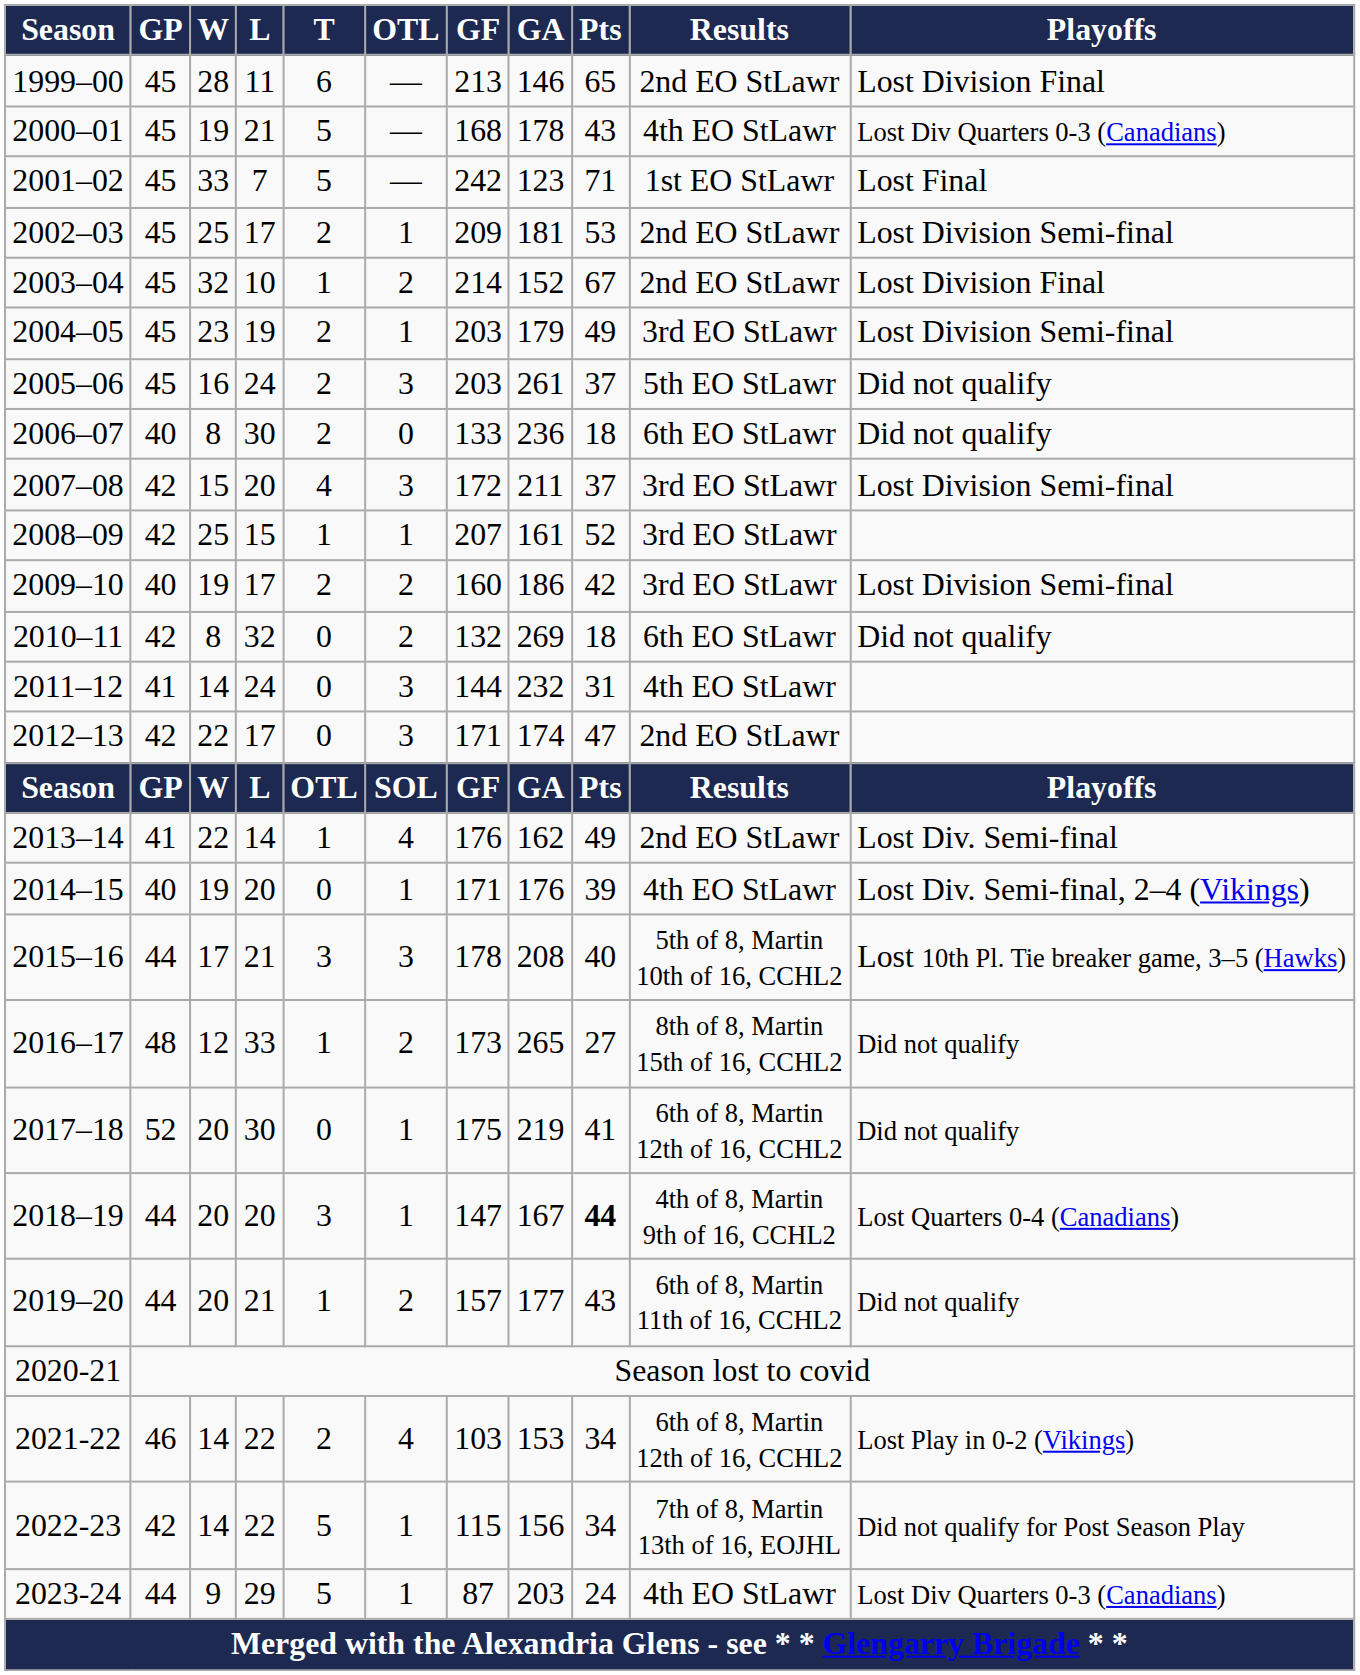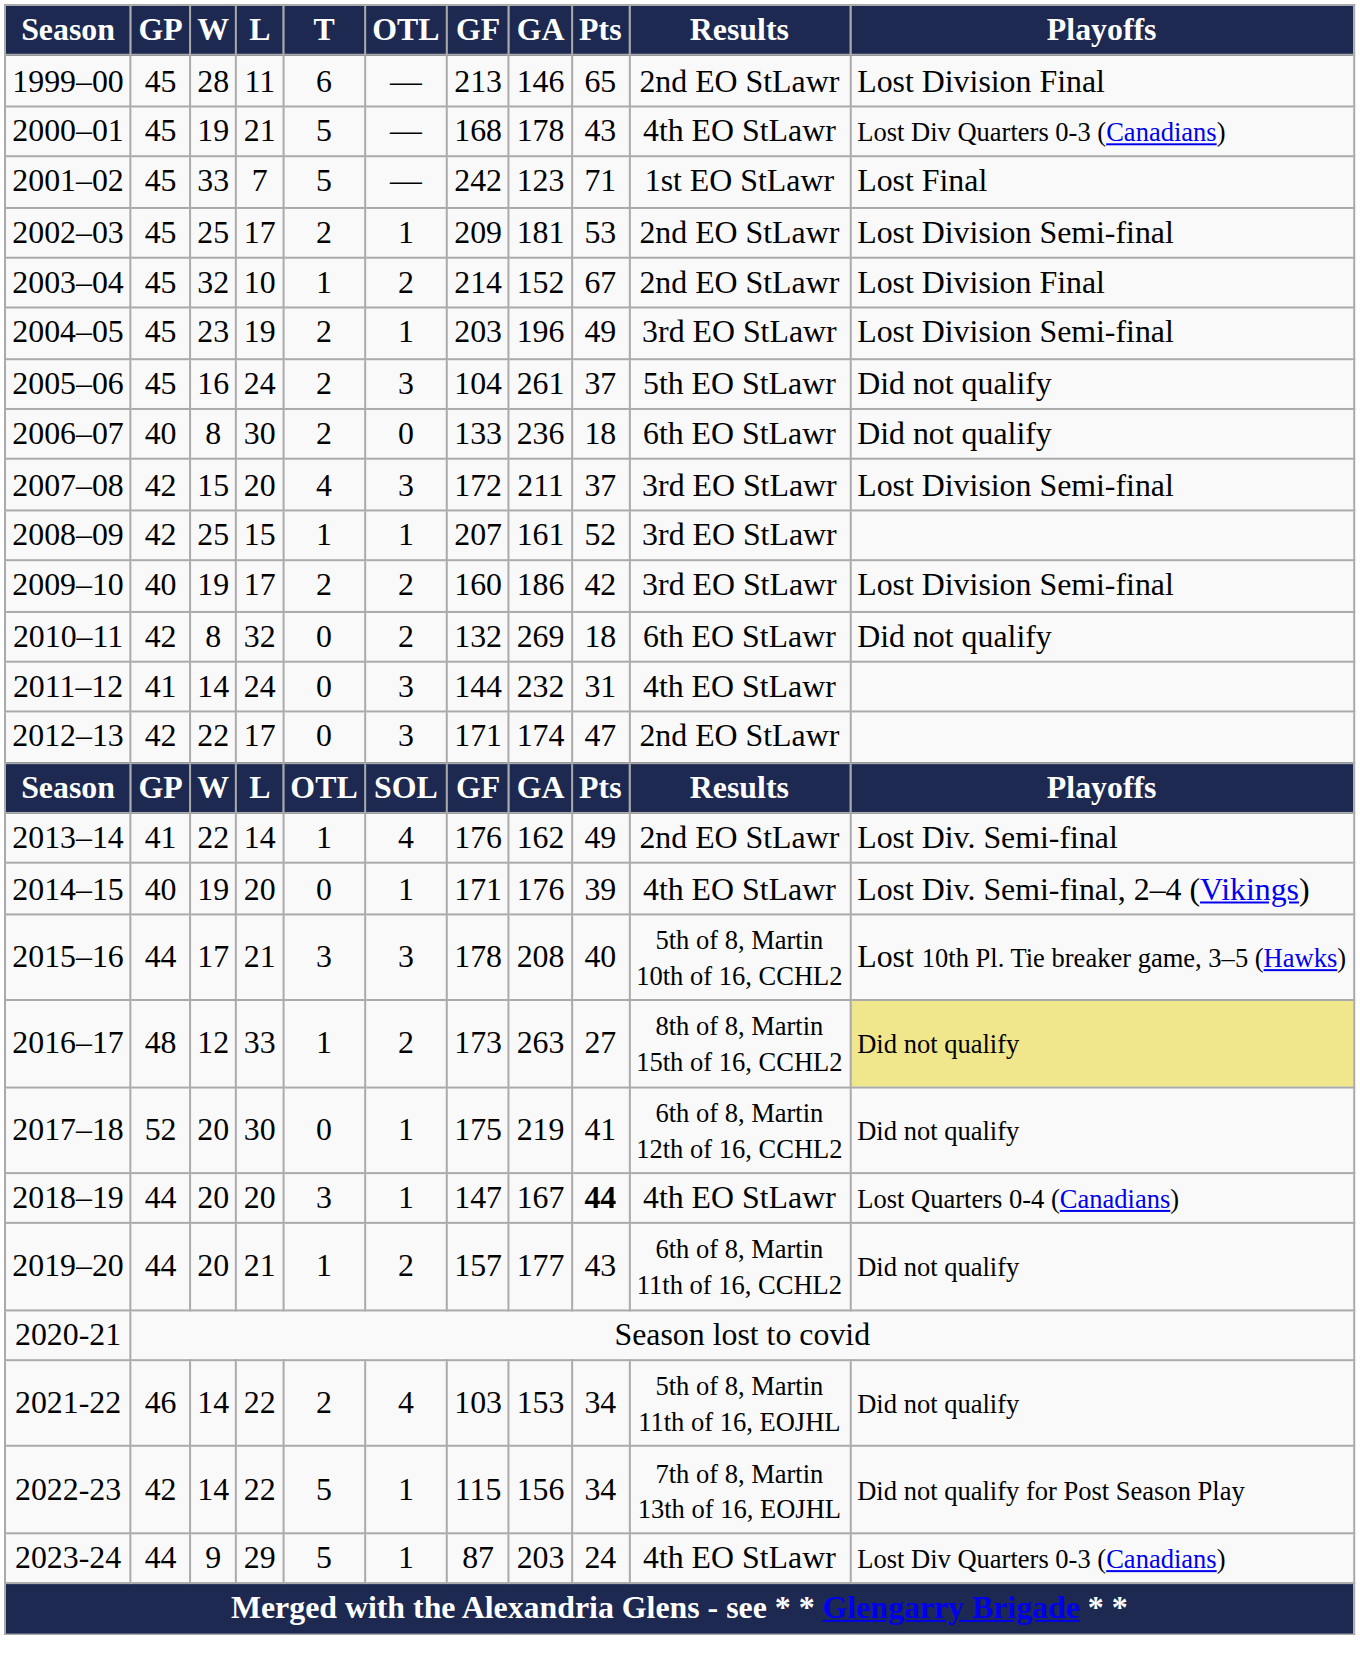 <table class="wikitable" style="text-align:center">
 <tr style="color:#FFFFFF; font-weight:bold; background-color:#1D2951;">
 <td>Season</td>
 <td>GP</td>
 <td>W</td>
 <td>L</td>
 <td>T</td>
 <td>OTL</td>
 <td>GF</td>
 <td>GA</td>
 <td>Pts</td>
 <td>Results</td>
 <td>Playoffs</td>
 </tr>
 <tr>
 <td>1999–00</td>
 <td>45</td>
 <td>28</td>
 <td>11</td>
 <td>6</td>
 <td>—</td>
 <td>213</td>
 <td>146</td>
 <td>65</td>
 <td>2nd EO StLawr</td>
 <td align=left>Lost Division Final</td>
 </tr>
 <tr>
 <td>2000–01</td>
 <td>45</td>
 <td>19</td>
 <td>21</td>
 <td>5</td>
 <td>—</td>
 <td>168</td>
 <td>178</td>
 <td>43</td>
 <td>4th EO StLawr</td>
 <td align=left><small>Lost Div Quarters 0-3 (<a href='#'>Canadians</a>)</small></td>
 </tr>
 <tr>
 <td>2001–02</td>
 <td>45</td>
 <td>33</td>
 <td>7</td>
 <td>5</td>
 <td>—</td>
 <td>242</td>
 <td>123</td>
 <td>71</td>
 <td>1st EO StLawr</td>
 <td align=left>Lost Final</td>
 </tr>
 <tr>
 <td>2002–03</td>
 <td>45</td>
 <td>25</td>
 <td>17</td>
 <td>2</td>
 <td>1</td>
 <td>209</td>
 <td>181</td>
 <td>53</td>
 <td>2nd EO StLawr</td>
 <td align=left>Lost Division Semi-final</td>
 </tr>
 <tr>
 <td>2003–04</td>
 <td>45</td>
 <td>32</td>
 <td>10</td>
 <td>1</td>
 <td>2</td>
 <td>214</td>
 <td>152</td>
 <td>67</td>
 <td>2nd EO StLawr</td>
 <td align=left>Lost Division Final</td>
 </tr>
 <tr>
 <td>2004–05</td>
 <td>45</td>
 <td>23</td>
 <td>19</td>
 <td>2</td>
 <td>1</td>
 <td>203</td>
-<td>179</td>
+<td>196</td>
 <td>49</td>
 <td>3rd EO StLawr</td>
 <td align=left>Lost Division Semi-final</td>
 </tr>
 <tr>
 <td>2005–06</td>
 <td>45</td>
 <td>16</td>
 <td>24</td>
 <td>2</td>
 <td>3</td>
-<td>203</td>
+<td>104</td>
 <td>261</td>
 <td>37</td>
 <td>5th EO StLawr</td>
 <td align=left>Did not qualify</td>
 </tr>
 <tr>
 <td>2006–07</td>
 <td>40</td>
 <td>8</td>
 <td>30</td>
 <td>2</td>
 <td>0</td>
 <td>133</td>
 <td>236</td>
 <td>18</td>
 <td>6th EO StLawr</td>
 <td align=left>Did not qualify</td>
 </tr>
 <tr>
 <td>2007–08</td>
 <td>42</td>
 <td>15</td>
 <td>20</td>
 <td>4</td>
 <td>3</td>
 <td>172</td>
 <td>211</td>
 <td>37</td>
 <td>3rd EO StLawr</td>
 <td align=left>Lost Division Semi-final</td>
 </tr>
 <tr>
 <td>2008–09</td>
 <td>42</td>
 <td>25</td>
 <td>15</td>
 <td>1</td>
 <td>1</td>
 <td>207</td>
 <td>161</td>
 <td>52</td>
 <td>3rd EO StLawr</td>
 <td align=left></td>
 </tr>
 <tr>
 <td>2009–10</td>
 <td>40</td>
 <td>19</td>
 <td>17</td>
 <td>2</td>
 <td>2</td>
 <td>160</td>
 <td>186</td>
 <td>42</td>
 <td>3rd EO StLawr</td>
 <td align=left>Lost Division Semi-final</td>
 </tr>
 <tr>
 <td>2010–11</td>
 <td>42</td>
 <td>8</td>
 <td>32</td>
 <td>0</td>
 <td>2</td>
 <td>132</td>
 <td>269</td>
 <td>18</td>
 <td>6th EO StLawr</td>
 <td align=left>Did not qualify</td>
 </tr>
 <tr>
 <td>2011–12</td>
 <td>41</td>
 <td>14</td>
 <td>24</td>
 <td>0</td>
 <td>3</td>
 <td>144</td>
 <td>232</td>
 <td>31</td>
 <td>4th EO StLawr</td>
 <td align=left></td>
 </tr>
 <tr>
 <td>2012–13</td>
 <td>42</td>
 <td>22</td>
 <td>17</td>
 <td>0</td>
 <td>3</td>
 <td>171</td>
 <td>174</td>
 <td>47</td>
 <td>2nd EO StLawr</td>
 <td align=left></td>
 </tr>
 <tr style="color:#FFFFFF; font-weight:bold; background-color:#1D2951;">
 <td>Season</td>
 <td>GP</td>
 <td>W</td>
 <td>L</td>
 <td>OTL</td>
 <td>SOL</td>
 <td>GF</td>
 <td>GA</td>
 <td>Pts</td>
 <td>Results</td>
 <td>Playoffs</td>
 </tr>
 <tr>
 <td>2013–14</td>
 <td>41</td>
 <td>22</td>
 <td>14</td>
 <td>1</td>
 <td>4</td>
 <td>176</td>
 <td>162</td>
 <td>49</td>
 <td>2nd EO StLawr</td>
 <td align=left>Lost Div. Semi-final</td>
 </tr>
 <tr>
 <td>2014–15</td>
 <td>40</td>
 <td>19</td>
 <td>20</td>
 <td>0</td>
 <td>1</td>
 <td>171</td>
 <td>176</td>
 <td>39</td>
 <td>4th EO StLawr</td>
 <td align=left>Lost Div. Semi-final, 2–4 (<a href='#'>Vikings</a>)</td>
 </tr>
 <tr>
 <td>2015–16</td>
 <td>44</td>
 <td>17</td>
 <td>21</td>
 <td>3</td>
 <td>3</td>
 <td>178</td>
 <td>208</td>
 <td>40</td>
 <td><small>5th of 8, Martin<br>10th of 16, CCHL2</small></td>
 <td align=left>Lost <small>10th Pl. Tie breaker game, 3–5 (<a href='#'>Hawks</a>)</small></td>
 </tr>
 <tr>
 <td>2016–17</td>
 <td>48</td>
 <td>12</td>
 <td>33</td>
 <td>1</td>
 <td>2</td>
 <td>173</td>
-<td>265</td>
+<td>263</td>
 <td>27</td>
 <td><small>8th of 8, Martin<br>15th of 16, CCHL2</small></td>
-<td align=left><small>Did not qualify</small></td>
+<td align=left style="background: khaki;"><small>Did not qualify</small></td>
 </tr>
 <tr>
 <td>2017–18</td>
 <td>52</td>
 <td>20</td>
 <td>30</td>
 <td>0</td>
 <td>1</td>
 <td>175</td>
 <td>219</td>
 <td>41</td>
 <td><small>6th of 8, Martin<br>12th of 16, CCHL2</small></td>
 <td align=left><small>Did not qualify</small></td>
 </tr>
 <tr>
 <td>2018–19</td>
 <td>44</td>
 <td>20</td>
 <td>20</td>
 <td>3</td>
 <td>1</td>
 <td>147</td>
 <td>167</td>
 <td><strong>44</strong></td>
-<td><small>4th of 8, Martin<br>9th of 16, CCHL2</small></td>
+<td>4th EO StLawr</td>
 <td align=left><small>Lost Quarters 0-4 (<a href='#'>Canadians</a>)</small></td>
 </tr>
 <tr>
 <td>2019–20</td>
 <td>44</td>
 <td>20</td>
 <td>21</td>
 <td>1</td>
 <td>2</td>
 <td>157</td>
 <td>177</td>
 <td>43</td>
 <td><small>6th of 8, Martin<br>11th of 16, CCHL2</small></td>
 <td align=left><small>Did not qualify</small></td>
 </tr>
 <tr>
 <td>2020-21</td>
 <td colspan="10">Season lost to covid</td>
 </tr>
 <tr>
 <td>2021-22</td>
 <td>46</td>
 <td>14</td>
 <td>22</td>
 <td>2</td>
 <td>4</td>
 <td>103</td>
 <td>153</td>
 <td>34</td>
-<td><small>6th of 8, Martin<br>12th of 16, CCHL2</small></td>
-<td align=left><small>Lost Play in 0-2 (<a href='#'>Vikings</a>)</small></td>
+<td><small>5th of 8, Martin<br>11th of 16, EOJHL</small></td>
+<td align=left><small>Did not qualify</small></td>
 </tr>
 <tr>
 <td>2022-23</td>
 <td>42</td>
 <td>14</td>
 <td>22</td>
 <td>5</td>
 <td>1</td>
 <td>115</td>
 <td>156</td>
 <td>34</td>
 <td><small>7th of 8, Martin<br>13th of 16, EOJHL</small></td>
 <td align=left><small>Did not qualify for Post Season Play</small></td>
 </tr>
 <tr>
 <td>2023-24</td>
 <td>44</td>
 <td>9</td>
 <td>29</td>
 <td>5</td>
 <td>1</td>
 <td>87</td>
 <td>203</td>
 <td>24</td>
 <td>4th EO StLawr</td>
 <td align=left><small>Lost Div Quarters 0-3 (<a href='#'>Canadians</a>)</small></td>
 </tr>
 <tr style="color:#FFFFFF; font-weight:bold; background-color:#1D2951;">
 <td colspan="11">Merged with the Alexandria Glens - see  <strong>* * <a href='#'>Glengarry Brigade</a> * *</strong></td>
 </tr>
 </table>
